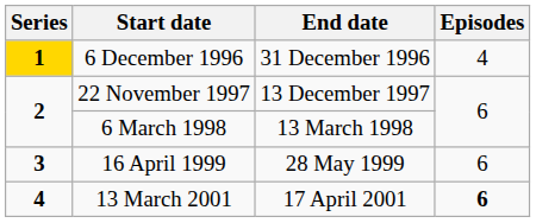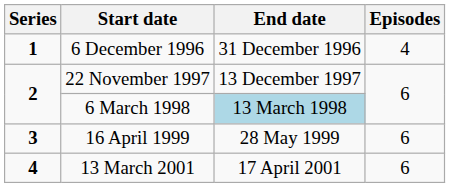 <table class="wikitable" style="text-align:center;">
 <tr>
 <th>Series</th>
 <th>Start date</th>
 <th>End date</th>
 <th>Episodes</th>
 </tr>
 <tr>
-<td style="background: gold;"><strong>1</strong></td>
+<td><strong>1</strong></td>
 <td>6 December 1996</td>
 <td>31 December 1996</td>
 <td>4</td>
 </tr>
 <tr>
 <td rowspan="2"><strong>2</strong></td>
 <td>22 November 1997</td>
 <td>13 December 1997</td>
 <td rowspan="2">6</td>
 </tr>
 <tr>
 <td>6 March 1998</td>
-<td>13 March 1998</td>
+<td style="background: lightblue;">13 March 1998</td>
 </tr>
 <tr>
 <td><strong>3</strong></td>
 <td>16 April 1999</td>
 <td>28 May 1999</td>
 <td>6</td>
 </tr>
 <tr>
 <td><strong>4</strong></td>
 <td>13 March 2001</td>
 <td>17 April 2001</td>
-<td><strong>6</strong></td>
+<td>6</td>
 </tr>
 </table>
